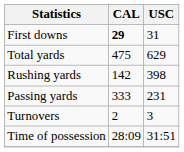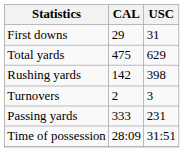 <table class="wikitable">
 <tr>
 <th>Statistics</th>
 <th>CAL</th>
 <th>USC</th>
 </tr>
 <tr>
 <td>First downs</td>
-<td><strong>29</strong></td>
+<td>29</td>
 <td>31</td>
 </tr>
 <tr>
 <td>Total yards</td>
 <td>475</td>
 <td>629</td>
 </tr>
 <tr>
 <td>Rushing yards</td>
 <td>142</td>
 <td>398</td>
 </tr>
 <tr>
+<td>Turnovers</td>
+<td>2</td>
+<td>3</td>
+</tr>
+<tr>
 <td>Passing yards</td>
 <td>333</td>
 <td>231</td>
-</tr>
-<tr>
-<td>Turnovers</td>
-<td>2</td>
-<td>3</td>
 </tr>
 <tr>
 <td>Time of possession</td>
 <td>28:09</td>
 <td>31:51</td>
 </tr>
 <tr>
 </tr>
 </table>
